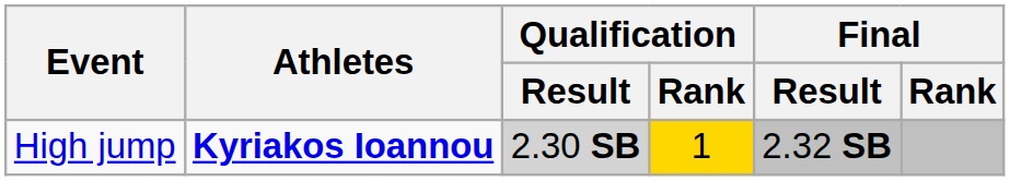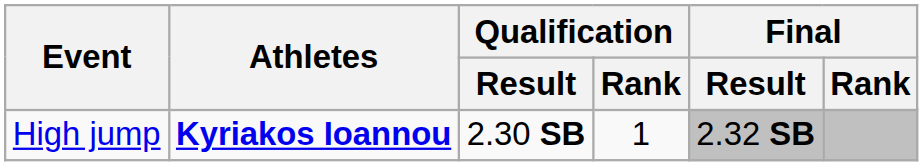 <table class="wikitable" border="1" style="font-size:90%">
 <tr>
 <th rowspan="2">Event</th>
 <th rowspan="2">Athletes</th>
 <th colspan="2">Qualification</th>
 <th colspan="2">Final</th>
 </tr>
 <tr>
 <th>Result</th>
 <th>Rank</th>
 <th>Result</th>
 <th>Rank</th>
 </tr>
 <tr>
 <td><a href='#'>High jump</a></td>
 <td><strong><a href='#'>Kyriakos Ioannou</a></strong></td>
-<td align=center style="background: lightgrey;">2.30 <strong>SB</strong></td>
-<td align=center style="background: gold;">1</td>
+<td align=center>2.30 <strong>SB</strong></td>
+<td align=center>1</td>
 <td align="center" bgcolor=silver>2.32 <strong>SB</strong></td>
 <td align="center" bgcolor=silver></td>
 </tr>
 </table>
